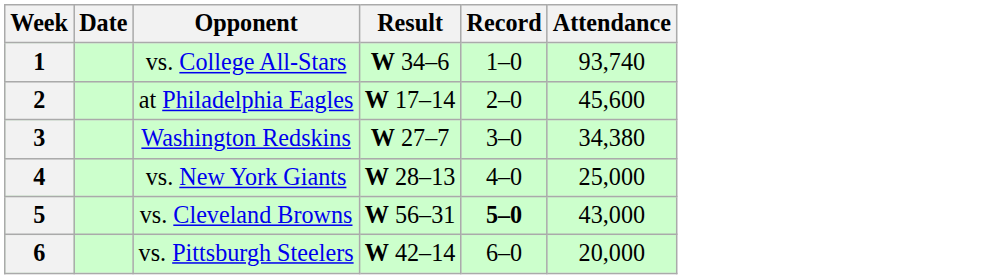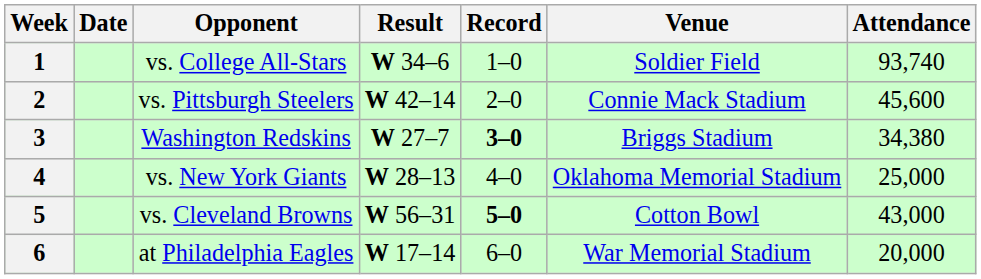 <table class="wikitable" style="text-align:center">
 <tr>
 <th>Week</th>
 <th>Date</th>
 <th>Opponent</th>
 <th>Result</th>
 <th>Record</th>
+<th>Venue</th>
 <th>Attendance</th>
 </tr>
 <tr style="background:#cfc">
 <th>1</th>
 <td></td>
 <td>vs. <a href='#'>College All-Stars</a></td>
 <td><strong>W</strong> 34–6</td>
 <td>1–0</td>
+<td><a href='#'>Soldier Field</a></td>
 <td>93,740</td>
 </tr>
 <tr style="background:#cfc">
 <th>2</th>
 <td></td>
-<td>at <a href='#'>Philadelphia Eagles</a></td>
-<td><strong>W</strong> 17–14</td>
+<td>vs. <a href='#'>Pittsburgh Steelers</a></td>
+<td><strong>W</strong> 42–14</td>
 <td>2–0</td>
+<td><a href='#'>Connie Mack Stadium</a></td>
 <td>45,600</td>
 </tr>
 <tr style="background:#cfc">
 <th>3</th>
 <td></td>
 <td><a href='#'>Washington Redskins</a></td>
 <td><strong>W</strong> 27–7</td>
-<td>3–0</td>
+<td><strong>3–0</strong></td>
+<td><a href='#'>Briggs Stadium</a></td>
 <td>34,380</td>
 </tr>
 <tr style="background:#cfc">
 <th>4</th>
 <td></td>
 <td>vs. <a href='#'>New York Giants</a></td>
 <td><strong>W</strong> 28–13</td>
 <td>4–0</td>
+<td><a href='#'>Oklahoma Memorial Stadium</a></td>
 <td>25,000</td>
 </tr>
 <tr style="background:#cfc">
 <th>5</th>
 <td></td>
 <td>vs. <a href='#'>Cleveland Browns</a></td>
 <td><strong>W</strong> 56–31</td>
 <td><strong>5–0</strong></td>
+<td><a href='#'>Cotton Bowl</a></td>
 <td>43,000</td>
 </tr>
 <tr style="background:#cfc">
 <th>6</th>
 <td></td>
-<td>vs. <a href='#'>Pittsburgh Steelers</a></td>
-<td><strong>W</strong> 42–14</td>
+<td>at <a href='#'>Philadelphia Eagles</a></td>
+<td><strong>W</strong> 17–14</td>
 <td>6–0</td>
+<td><a href='#'>War Memorial Stadium</a></td>
 <td>20,000</td>
 </tr>
 </table>
